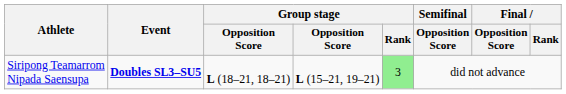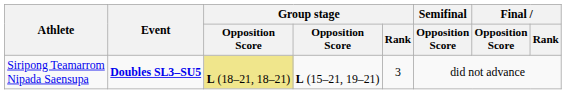 <table class="wikitable" style="font-size:90%; text-align:center">
 <tr>
 <th rowspan="2">Athlete</th>
 <th rowspan="2">Event</th>
 <th colspan="3">Group stage</th>
 <th>Semifinal</th>
 <th colspan="2">Final / </th>
 </tr>
 <tr style="font-size:95%">
 <th>Opposition<br>Score</th>
 <th>Opposition<br>Score</th>
 <th>Rank</th>
 <th>Opposition<br>Score</th>
 <th>Opposition<br>Score</th>
 <th>Rank</th>
 </tr>
 <tr>
 <td align="left"><a href='#'>Siripong Teamarrom</a><br><a href='#'>Nipada Saensupa</a></td>
 <td align="left"><strong><a href='#'>Doubles SL3–SU5</a></strong></td>
-<td><br><strong>L</strong> (18–21, 18–21)</td>
+<td style="background: khaki;"><br><strong>L</strong> (18–21, 18–21)</td>
 <td><br><strong>L</strong> (15–21, 19–21)</td>
-<td style="background: lightgreen;">3</td>
+<td>3</td>
 <td colspan="3">did not advance</td>
 </tr>
 </table>
